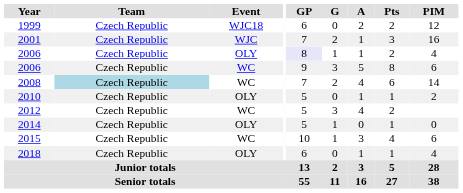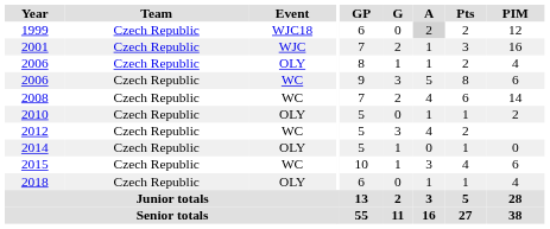 <table border="0" cellpadding="1" cellspacing="0" ID="Table3" style="text-align:center; width:40em">
 <tr bgcolor="#e0e0e0">
 <th>Year</th>
 <th>Team</th>
 <th>Event</th>
 <th rowspan="102" bgcolor="#ffffff"></th>
 <th>GP</th>
 <th>G</th>
 <th>A</th>
 <th>Pts</th>
 <th>PIM</th>
 </tr>
 <tr>
 <td><a href='#'>1999</a></td>
 <td><a href='#'>Czech Republic</a></td>
 <td><a href='#'>WJC18</a></td>
 <td>6</td>
 <td>0</td>
-<td>2</td>
+<td style="background: lightgrey;">2</td>
 <td>2</td>
 <td>12</td>
 </tr>
 <tr bgcolor="#f0f0f0">
 <td><a href='#'>2001</a></td>
 <td><a href='#'>Czech Republic</a></td>
 <td><a href='#'>WJC</a></td>
 <td>7</td>
 <td>2</td>
 <td>1</td>
 <td>3</td>
 <td>16</td>
 </tr>
 <tr>
 <td><a href='#'>2006</a></td>
 <td><a href='#'>Czech Republic</a></td>
 <td><a href='#'>OLY</a></td>
-<td style="background: lavender;">8</td>
+<td>8</td>
 <td>1</td>
 <td>1</td>
 <td>2</td>
 <td>4</td>
 </tr>
 <tr bgcolor="#f0f0f0">
 <td><a href='#'>2006</a></td>
 <td>Czech Republic</td>
 <td><a href='#'>WC</a></td>
 <td>9</td>
 <td>3</td>
 <td>5</td>
 <td>8</td>
 <td>6</td>
 </tr>
 <tr>
 <td><a href='#'>2008</a></td>
-<td style="background: lightblue;">Czech Republic</td>
+<td>Czech Republic</td>
 <td>WC</td>
 <td>7</td>
 <td>2</td>
 <td>4</td>
 <td>6</td>
 <td>14</td>
 </tr>
 <tr bgcolor="#f0f0f0">
 <td><a href='#'>2010</a></td>
 <td>Czech Republic</td>
 <td>OLY</td>
 <td>5</td>
 <td>0</td>
 <td>1</td>
 <td>1</td>
 <td>2</td>
 </tr>
 <tr>
 <td><a href='#'>2012</a></td>
 <td>Czech Republic</td>
 <td>WC</td>
 <td>5</td>
 <td>3</td>
 <td 1>4</td>
 <td>2</td>
 </tr>
 <tr bgcolor="#f0f0f0">
 <td><a href='#'>2014</a></td>
 <td>Czech Republic</td>
 <td>OLY</td>
 <td>5</td>
 <td>1</td>
 <td>0</td>
 <td>1</td>
 <td>0</td>
 </tr>
 <tr>
 <td><a href='#'>2015</a></td>
 <td>Czech Republic</td>
 <td>WC</td>
 <td>10</td>
 <td>1</td>
 <td>3</td>
 <td>4</td>
 <td>6</td>
 </tr>
 <tr bgcolor="#f0f0f0">
 <td><a href='#'>2018</a></td>
 <td>Czech Republic</td>
 <td>OLY</td>
 <td>6</td>
 <td>0</td>
 <td>1</td>
 <td>1</td>
 <td>4</td>
 </tr>
 <tr bgcolor="#e0e0e0">
 <th colspan=4>Junior totals</th>
 <th>13</th>
 <th>2</th>
 <th>3</th>
 <th>5</th>
 <th>28</th>
 </tr>
 <tr bgcolor="#e0e0e0">
 <th colspan=4>Senior totals</th>
 <th>55</th>
 <th>11</th>
 <th>16</th>
 <th>27</th>
 <th>38</th>
 </tr>
 </table>
